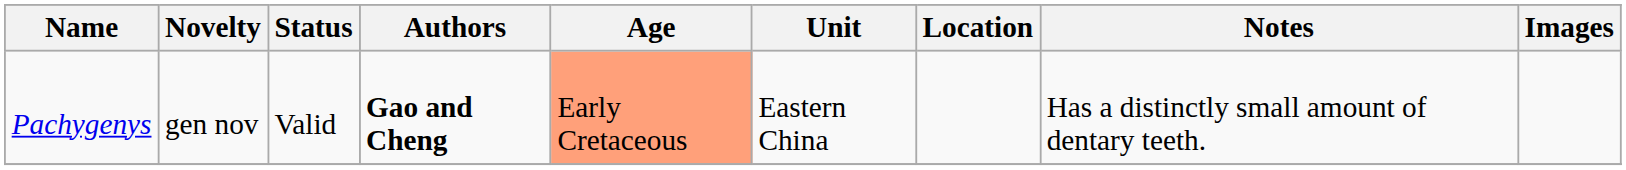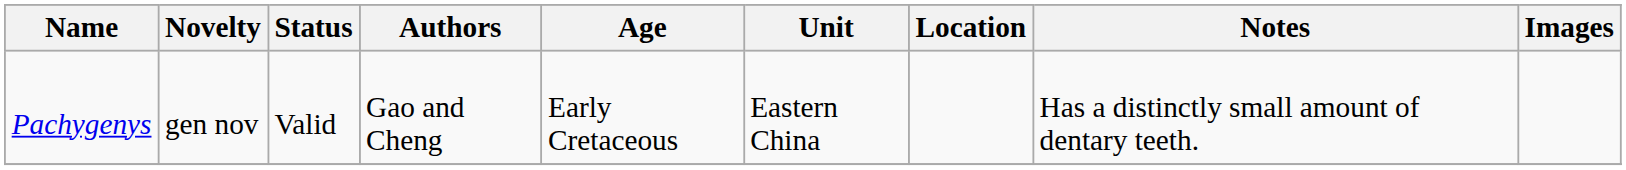 <table class="wikitable sortable" align="center" width="100%">
 <tr>
 <th>Name</th>
 <th>Novelty</th>
 <th>Status</th>
 <th>Authors</th>
 <th>Age</th>
 <th>Unit</th>
 <th>Location</th>
 <th>Notes</th>
 <th>Images</th>
 </tr>
 <tr>
 <td><br><em><a href='#'>Pachygenys</a></em></td>
 <td><br>gen nov</td>
 <td><br>Valid</td>
-<td><strong><br>Gao and Cheng</strong></td>
-<td style="background: lightsalmon;"><br>Early Cretaceous</td>
+<td><br>Gao and Cheng</td>
+<td><br>Early Cretaceous</td>
 <td><br>Eastern China</td>
 <td><br></td>
 <td><br>Has a distinctly small amount of dentary teeth.</td>
 <td></td>
 </tr>
 <tr>
 </tr>
 </table>
